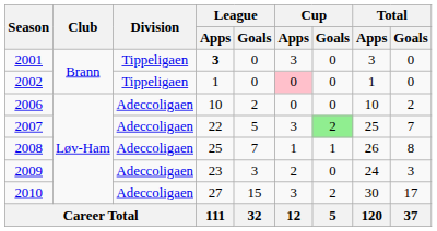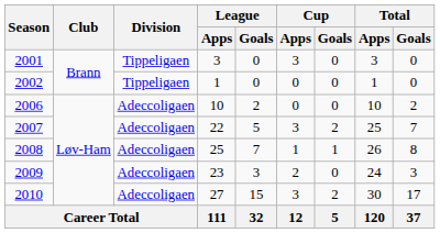 <table class="wikitable" style="text-align: center;">
 <tr>
 <th rowspan="2">Season</th>
 <th rowspan="2">Club</th>
 <th rowspan="2">Division</th>
 <th colspan="2">League</th>
 <th colspan="2">Cup</th>
 <th colspan="2">Total</th>
 </tr>
 <tr>
 <th>Apps</th>
 <th>Goals</th>
 <th>Apps</th>
 <th>Goals</th>
 <th>Apps</th>
 <th>Goals</th>
 </tr>
 <tr>
 <td><a href='#'>2001</a></td>
 <td rowspan="2" valign="center"><a href='#'>Brann</a></td>
 <td><a href='#'>Tippeligaen</a></td>
-<td><strong>3</strong></td>
+<td>3</td>
 <td>0</td>
 <td>3</td>
 <td>0</td>
 <td>3</td>
 <td>0</td>
 </tr>
 <tr>
 <td><a href='#'>2002</a></td>
 <td><a href='#'>Tippeligaen</a></td>
 <td>1</td>
 <td>0</td>
-<td style="background: pink;">0</td>
+<td>0</td>
 <td>0</td>
 <td>1</td>
 <td>0</td>
 </tr>
 <tr>
 <td><a href='#'>2006</a></td>
 <td rowspan="5" valign="center"><a href='#'>Løv-Ham</a></td>
 <td><a href='#'>Adeccoligaen</a></td>
 <td>10</td>
 <td>2</td>
 <td>0</td>
 <td>0</td>
 <td>10</td>
 <td>2</td>
 </tr>
 <tr>
 <td><a href='#'>2007</a></td>
 <td><a href='#'>Adeccoligaen</a></td>
 <td>22</td>
 <td>5</td>
 <td>3</td>
-<td style="background: lightgreen;">2</td>
+<td>2</td>
 <td>25</td>
 <td>7</td>
 </tr>
 <tr>
 <td><a href='#'>2008</a></td>
 <td><a href='#'>Adeccoligaen</a></td>
 <td>25</td>
 <td>7</td>
 <td>1</td>
 <td>1</td>
 <td>26</td>
 <td>8</td>
 </tr>
 <tr>
 <td><a href='#'>2009</a></td>
 <td><a href='#'>Adeccoligaen</a></td>
 <td>23</td>
 <td>3</td>
 <td>2</td>
 <td>0</td>
 <td>24</td>
 <td>3</td>
 </tr>
 <tr>
 <td><a href='#'>2010</a></td>
 <td><a href='#'>Adeccoligaen</a></td>
 <td>27</td>
 <td>15</td>
 <td>3</td>
 <td>2</td>
 <td>30</td>
 <td>17</td>
 </tr>
 <tr>
 <th colspan="3">Career Total</th>
 <th>111</th>
 <th>32</th>
 <th>12</th>
 <th>5</th>
 <th>120</th>
 <th>37</th>
 </tr>
 </table>
